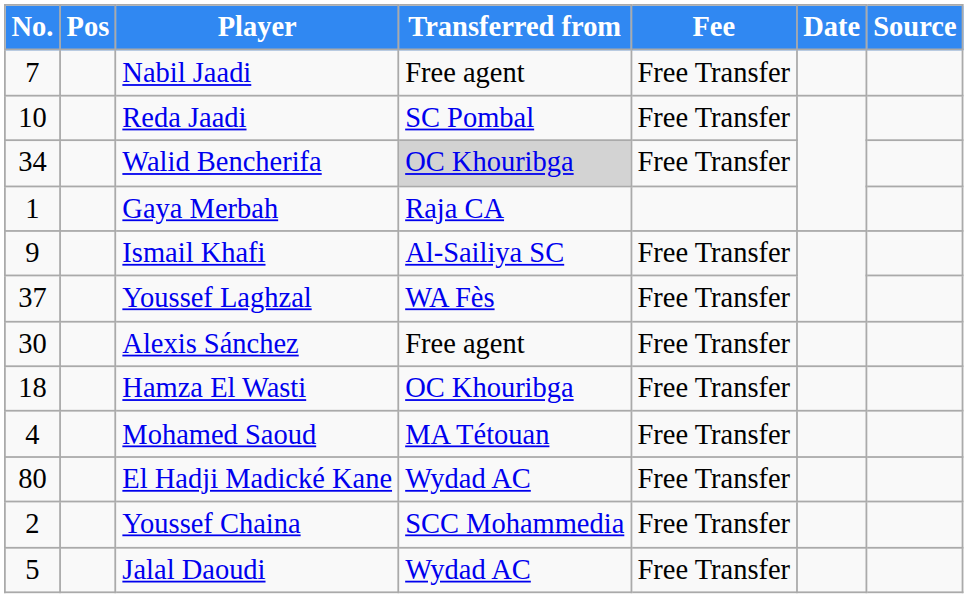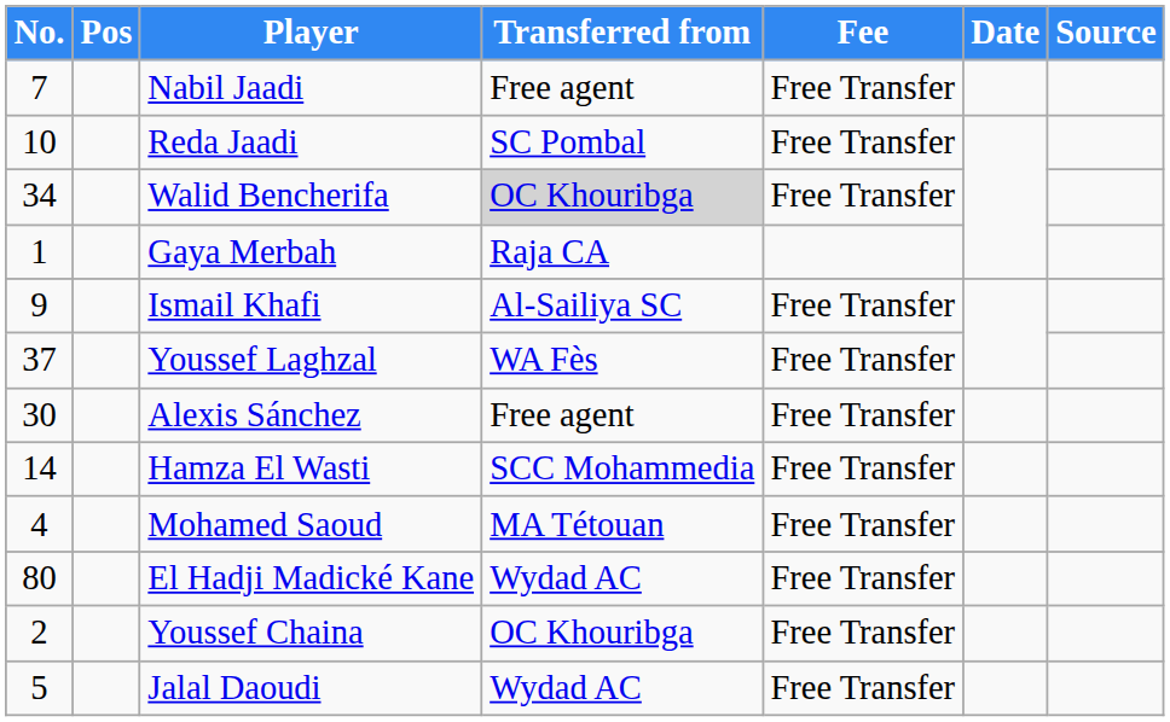 <table class="wikitable plainrowheaders sortable">
 <tr>
 <th style="background:#3088f2; color:#ffffff; ">No.</th>
 <th style="background:#3088f2; color:#ffffff; ">Pos</th>
 <th style="background:#3088f2; color:#ffffff; ">Player</th>
 <th style="background:#3088f2; color:#ffffff; ">Transferred from</th>
 <th style="background:#3088f2; color:#ffffff; ">Fee</th>
 <th style="background:#3088f2; color:#ffffff; ">Date</th>
 <th style="background:#3088f2; color:#ffffff; ">Source</th>
 </tr>
 <tr>
 <td align=center>7</td>
 <td align=center></td>
 <td> <a href='#'>Nabil Jaadi</a></td>
 <td>Free agent</td>
 <td>Free Transfer</td>
 <td></td>
 <td></td>
 </tr>
 <tr>
 <td align=center>10</td>
 <td align=center></td>
 <td> <a href='#'>Reda Jaadi</a></td>
 <td> <a href='#'>SC Pombal</a></td>
 <td>Free Transfer</td>
 <td rowspan=3></td>
 <td></td>
 </tr>
 <tr>
 <td align=center>34</td>
 <td align=center></td>
 <td> <a href='#'>Walid Bencherifa</a></td>
 <td style="background: lightgrey;"><a href='#'>OC Khouribga</a></td>
 <td>Free Transfer</td>
 <td></td>
 </tr>
 <tr>
 <td align=center>1</td>
 <td align=center></td>
 <td> <a href='#'>Gaya Merbah</a></td>
 <td><a href='#'>Raja CA</a></td>
 <td></td>
 <td></td>
 </tr>
 <tr>
 <td align=center>9</td>
 <td align=center></td>
 <td> <a href='#'>Ismail Khafi</a></td>
 <td> <a href='#'>Al-Sailiya SC</a></td>
 <td>Free Transfer</td>
 <td rowspan=2></td>
 <td></td>
 </tr>
 <tr>
 <td align=center>37</td>
 <td align=center></td>
 <td> <a href='#'>Youssef Laghzal</a></td>
 <td><a href='#'>WA Fès</a></td>
 <td>Free Transfer</td>
 <td></td>
 </tr>
 <tr>
 <td align=center>30</td>
 <td align=center></td>
 <td> <a href='#'>Alexis Sánchez</a></td>
 <td>Free agent</td>
 <td>Free Transfer</td>
 <td></td>
 <td></td>
 </tr>
 <tr>
-<td align=center>18</td>
+<td align=center>14</td>
 <td align=center></td>
 <td> <a href='#'>Hamza El Wasti</a></td>
-<td><a href='#'>OC Khouribga</a></td>
+<td><a href='#'>SCC Mohammedia</a></td>
 <td>Free Transfer</td>
 <td></td>
 <td></td>
 </tr>
 <tr>
 <td align=center>4</td>
 <td align=center></td>
 <td> <a href='#'>Mohamed Saoud</a></td>
 <td><a href='#'>MA Tétouan</a></td>
 <td>Free Transfer</td>
 <td></td>
 <td></td>
 </tr>
 <tr>
 <td align=center>80</td>
 <td align=center></td>
 <td> <a href='#'>El Hadji Madické Kane</a></td>
 <td><a href='#'>Wydad AC</a></td>
 <td>Free Transfer</td>
 <td></td>
 <td></td>
 </tr>
 <tr>
 <td align=center>2</td>
 <td align=center></td>
 <td> <a href='#'>Youssef Chaina</a></td>
-<td><a href='#'>SCC Mohammedia</a></td>
+<td><a href='#'>OC Khouribga</a></td>
 <td>Free Transfer</td>
 <td></td>
 <td></td>
 </tr>
 <tr>
 <td align=center>5</td>
 <td align=center></td>
 <td> <a href='#'>Jalal Daoudi</a></td>
 <td><a href='#'>Wydad AC</a></td>
 <td>Free Transfer</td>
 <td></td>
 <td></td>
 </tr>
 </table>
